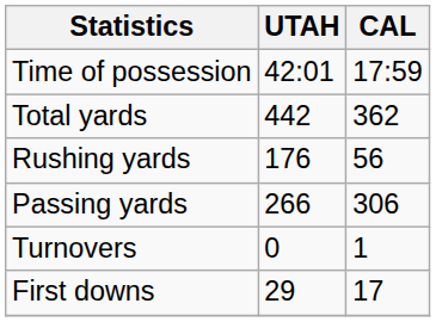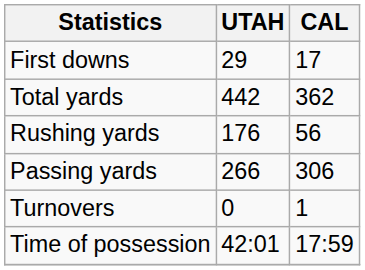 <table class="wikitable">
 <tr>
 <th>Statistics</th>
 <th>UTAH</th>
 <th>CAL</th>
 </tr>
 <tr>
-<td>Time of possession</td>
-<td>42:01</td>
-<td>17:59</td>
+<td>First downs</td>
+<td>29</td>
+<td>17</td>
 </tr>
 <tr>
 <td>Total yards</td>
 <td>442</td>
 <td>362</td>
 </tr>
 <tr>
 <td>Rushing yards</td>
 <td>176</td>
 <td>56</td>
 </tr>
 <tr>
 <td>Passing yards</td>
 <td>266</td>
 <td>306</td>
 </tr>
 <tr>
 <td>Turnovers</td>
 <td>0</td>
 <td>1</td>
 </tr>
 <tr>
-<td>First downs</td>
-<td>29</td>
-<td>17</td>
+<td>Time of possession</td>
+<td>42:01</td>
+<td>17:59</td>
 </tr>
 <tr>
 </tr>
 </table>
